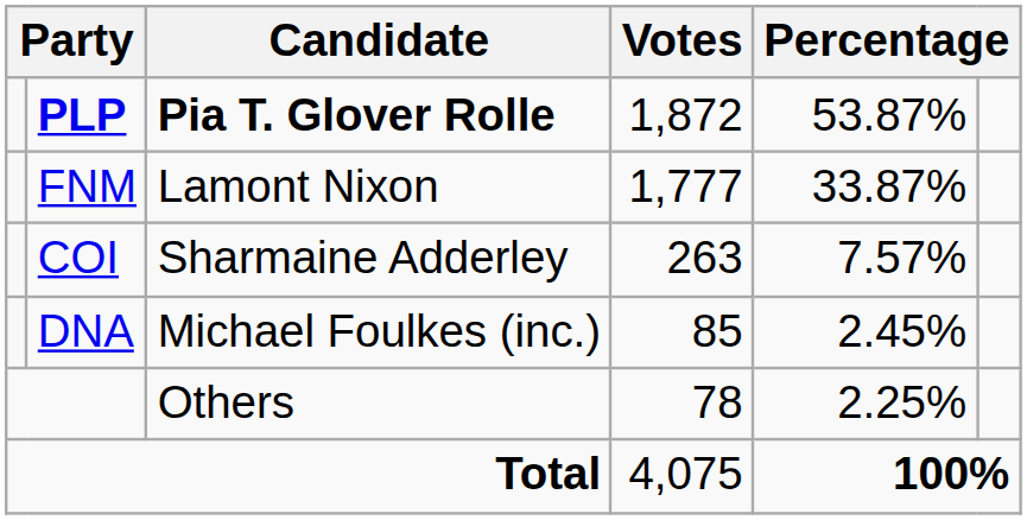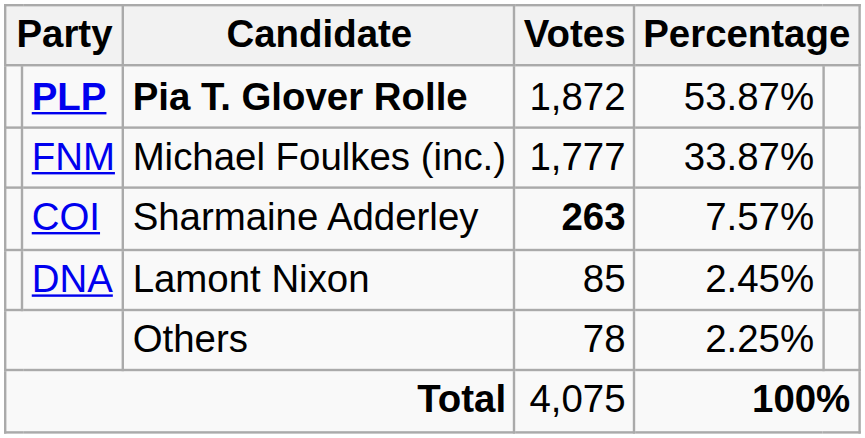 <table class="wikitable" style="text-align:right;">
 <tr>
 <th colspan=2>Party</th>
 <th>Candidate</th>
 <th>Votes</th>
 <th colspan=2>Percentage</th>
 </tr>
 <tr>
 <td style="background-color:"></td>
 <td style="text-align:left;"><strong><a href='#'>PLP</a></strong></td>
 <td style="text-align:left;"><strong>Pia T. Glover Rolle</strong></td>
 <td style="text-align:right;">1,872</td>
 <td style="text-align:right;">53.87%</td>
 <td style="text-align:right;"><div><div> </div></div></td>
 </tr>
 <tr>
 <td style="background-color:"></td>
 <td style="text-align:left;"><a href='#'>FNM</a></td>
-<td style="text-align:left;">Lamont Nixon</td>
+<td style="text-align:left;">Michael Foulkes (inc.)</td>
 <td style="text-align:right;">1,777</td>
 <td style="text-align:right;">33.87%</td>
 <td style="text-align:right;"><div><div> </div></div></td>
 </tr>
 <tr>
 <td style="background-color:"></td>
 <td style="text-align:left;"><a href='#'>COI</a></td>
 <td style="text-align:left;">Sharmaine Adderley</td>
-<td style="text-align:right;">263</td>
+<td style="text-align:right;"><strong>263</strong></td>
 <td style="text-align:right;">7.57%</td>
 <td style="text-align:right;"><div><div> </div></div></td>
 </tr>
 <tr>
 <td style="background-color:"></td>
 <td style="text-align:left;"><a href='#'>DNA</a></td>
-<td style="text-align:left;">Michael Foulkes (inc.)</td>
+<td style="text-align:left;">Lamont Nixon</td>
 <td style="text-align:right;">85</td>
 <td style="text-align:right;">2.45%</td>
 <td style="text-align:right;"><div><div> </div></div></td>
 </tr>
 <tr>
 <td colspan=2> </td>
 <td style="text-align:left;">Others</td>
 <td style="text-align:right;">78</td>
 <td style="text-align:right;">2.25%</td>
 <td style="text-align:right;"><div><div> </div></div></td>
 </tr>
 <tr>
 <td colspan="3" style="text-align:right;"><strong>Total</strong></td>
 <td style="text-align:right;">4,075</td>
 <td style="text-align:right;" colspan=2><strong>100%</strong></td>
 </tr>
 </table>
